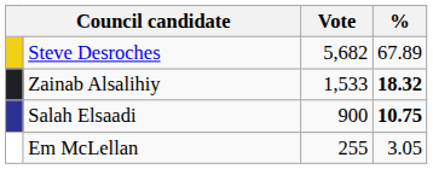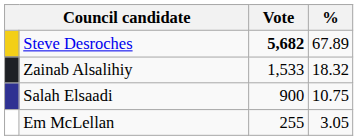 <table class="wikitable">
 <tr>
 <th bgcolor="#DDDDFF" width="230px" colspan="2">Council candidate</th>
 <th bgcolor="#DDDDFF" width="50px">Vote</th>
 <th bgcolor="#DDDDFF" width="30px">%</th>
 </tr>
 <tr>
 <td style="background-color:#f3cf17;"></td>
 <td style="text-align:left;"><a href='#'>Steve Desroches</a></td>
-<td style="text-align:right;">5,682</td>
+<td style="text-align:right;"><strong>5,682</strong></td>
 <td style="text-align:right;">67.89</td>
 </tr>
 <tr>
 <td style="background-color:#1e2025;"></td>
 <td style="text-align:left;">Zainab Alsalihiy</td>
 <td style="text-align:right;">1,533</td>
-<td style="text-align:right;"><strong>18.32</strong></td>
+<td style="text-align:right;">18.32</td>
 </tr>
 <tr>
 <td style="background-color:#2f3192;"></td>
 <td style="text-align:left;">Salah Elsaadi</td>
 <td style="text-align:right;">900</td>
-<td style="text-align:right;"><strong>10.75</strong></td>
+<td style="text-align:right;">10.75</td>
 </tr>
 <tr>
 <td style="background-color:#FFFFFF;"></td>
 <td style="text-align:left;">Em McLellan</td>
 <td style="text-align:right;">255</td>
 <td style="text-align:right;">3.05</td>
 </tr>
 </table>
